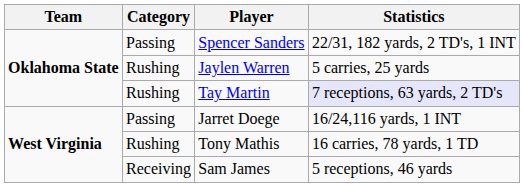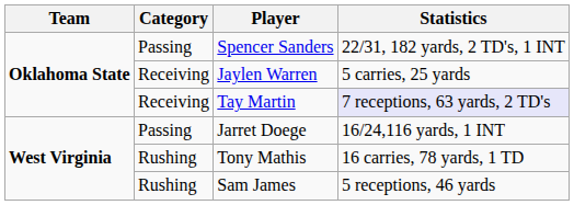 <table class="wikitable" style="float: right;">
 <tr>
 <th>Team</th>
 <th>Category</th>
 <th>Player</th>
 <th>Statistics</th>
 </tr>
 <tr>
 <td rowspan=3><strong>Oklahoma State</strong></td>
 <td>Passing</td>
 <td><a href='#'>Spencer Sanders</a></td>
 <td>22/31, 182 yards, 2 TD's, 1 INT</td>
 </tr>
 <tr>
-<td>Rushing</td>
+<td>Receiving</td>
 <td><a href='#'>Jaylen Warren</a></td>
 <td>5 carries, 25 yards</td>
 </tr>
 <tr>
-<td>Rushing</td>
+<td>Receiving</td>
 <td><a href='#'>Tay Martin</a></td>
 <td style="background: lavender;">7 receptions, 63 yards, 2 TD's</td>
 </tr>
 <tr>
 <td rowspan=3><strong>West Virginia</strong></td>
 <td>Passing</td>
 <td>Jarret Doege</td>
 <td>16/24,116 yards, 1 INT</td>
 </tr>
 <tr>
 <td>Rushing</td>
 <td>Tony Mathis</td>
 <td>16 carries, 78 yards, 1 TD</td>
 </tr>
 <tr>
-<td>Receiving</td>
+<td>Rushing</td>
 <td>Sam James</td>
 <td>5 receptions, 46 yards</td>
 </tr>
 </table>
